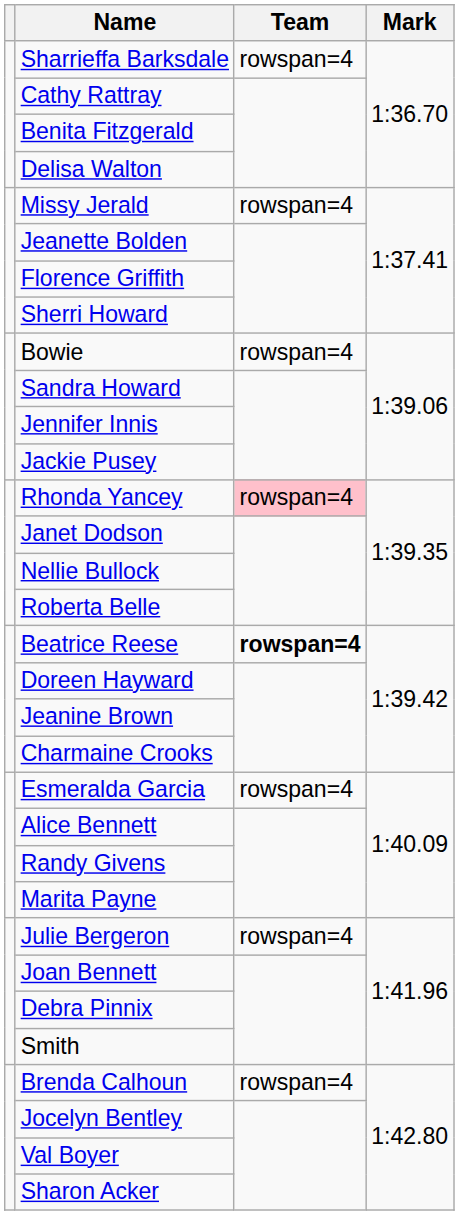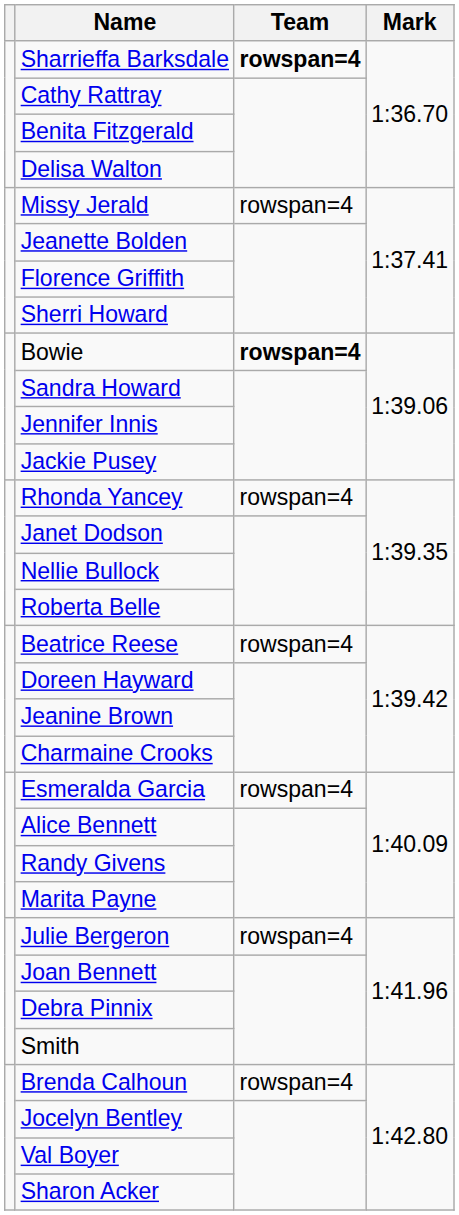 <table class=wikitable>
 <tr>
 <th></th>
 <th>Name</th>
 <th>Team</th>
 <th>Mark</th>
 </tr>
 <tr>
 <td rowspan=4></td>
 <td><a href='#'>Sharrieffa Barksdale</a></td>
-<td>rowspan=4 </td>
+<td><strong>rowspan=4 </strong></td>
 <td rowspan=4>1:36.70</td>
 </tr>
 <tr>
 <td><a href='#'>Cathy Rattray</a></td>
 </tr>
 <tr>
 <td><a href='#'>Benita Fitzgerald</a></td>
 </tr>
 <tr>
 <td><a href='#'>Delisa Walton</a></td>
 </tr>
 <tr>
 <td rowspan=4></td>
 <td><a href='#'>Missy Jerald</a></td>
 <td>rowspan=4 </td>
 <td rowspan=4>1:37.41</td>
 </tr>
 <tr>
 <td><a href='#'>Jeanette Bolden</a></td>
 </tr>
 <tr>
 <td><a href='#'>Florence Griffith</a></td>
 </tr>
 <tr>
 <td><a href='#'>Sherri Howard</a></td>
 </tr>
 <tr>
 <td rowspan=4></td>
 <td>Bowie</td>
-<td>rowspan=4 </td>
+<td><strong>rowspan=4 </strong></td>
 <td rowspan=4>1:39.06</td>
 </tr>
 <tr>
 <td><a href='#'>Sandra Howard</a></td>
 </tr>
 <tr>
 <td><a href='#'>Jennifer Innis</a></td>
 </tr>
 <tr>
 <td><a href='#'>Jackie Pusey</a></td>
 </tr>
 <tr>
 <td rowspan=4></td>
 <td><a href='#'>Rhonda Yancey</a></td>
-<td style="background: pink;">rowspan=4 </td>
+<td>rowspan=4 </td>
 <td rowspan=4>1:39.35</td>
 </tr>
 <tr>
 <td><a href='#'>Janet Dodson</a></td>
 </tr>
 <tr>
 <td><a href='#'>Nellie Bullock</a></td>
 </tr>
 <tr>
 <td><a href='#'>Roberta Belle</a></td>
 </tr>
 <tr>
 <td rowspan=4></td>
 <td><a href='#'>Beatrice Reese</a></td>
-<td><strong>rowspan=4 </strong></td>
+<td>rowspan=4 </td>
 <td rowspan=4>1:39.42</td>
 </tr>
 <tr>
 <td><a href='#'>Doreen Hayward</a></td>
 </tr>
 <tr>
 <td><a href='#'>Jeanine Brown</a></td>
 </tr>
 <tr>
 <td><a href='#'>Charmaine Crooks</a></td>
 </tr>
 <tr>
 <td rowspan=4></td>
 <td><a href='#'>Esmeralda Garcia</a></td>
 <td>rowspan=4 </td>
 <td rowspan=4>1:40.09</td>
 </tr>
 <tr>
 <td><a href='#'>Alice Bennett</a></td>
 </tr>
 <tr>
 <td><a href='#'>Randy Givens</a></td>
 </tr>
 <tr>
 <td><a href='#'>Marita Payne</a></td>
 </tr>
 <tr>
 <td rowspan=4></td>
 <td><a href='#'>Julie Bergeron</a></td>
 <td>rowspan=4 </td>
 <td rowspan=4>1:41.96</td>
 </tr>
 <tr>
 <td><a href='#'>Joan Bennett</a></td>
 </tr>
 <tr>
 <td><a href='#'>Debra Pinnix</a></td>
 </tr>
 <tr>
 <td>Smith</td>
 </tr>
 <tr>
 <td rowspan=4></td>
 <td><a href='#'>Brenda Calhoun</a></td>
 <td>rowspan=4 </td>
 <td rowspan=4>1:42.80</td>
 </tr>
 <tr>
 <td><a href='#'>Jocelyn Bentley</a></td>
 </tr>
 <tr>
 <td><a href='#'>Val Boyer</a></td>
 </tr>
 <tr>
 <td><a href='#'>Sharon Acker</a></td>
 </tr>
 </table>
